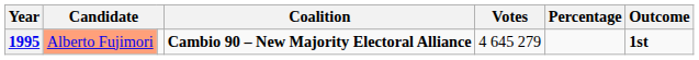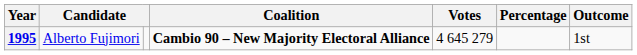 <table class="wikitable">
 <tr>
 <th>Year</th>
 <th colspan="2">Candidate</th>
 <th>Coalition</th>
 <th>Votes</th>
 <th>Percentage</th>
 <th>Outcome</th>
 </tr>
 <tr>
 <th><a href='#'>1995</a></th>
-<td style="background: lightsalmon;"><a href='#'>Alberto Fujimori</a></td>
+<td><a href='#'>Alberto Fujimori</a></td>
 <td></td>
 <td><strong>Cambio 90 – New Majority Electoral Alliance</strong></td>
 <td>4 645 279</td>
 <td></td>
-<td><strong>1st</strong></td>
+<td>1st</td>
 </tr>
 </table>
